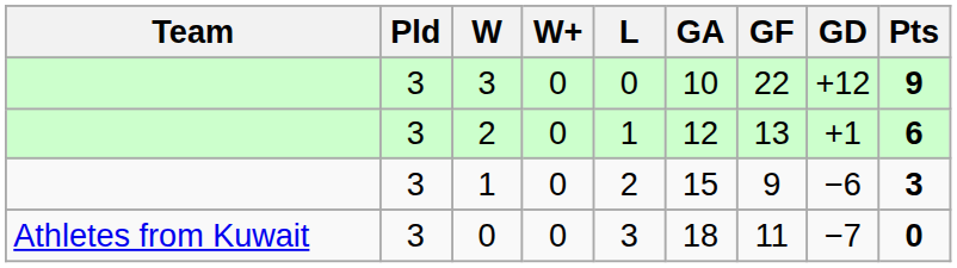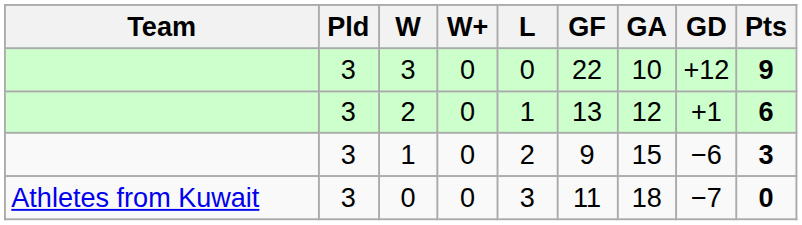 <table class="wikitable" style="text-align: center; font-size:90% ">
 <tr>
 <th width=160>Team</th>
 <th width=25>Pld</th>
 <th width=25>W</th>
 <th width=25>W+</th>
 <th width=25>L</th>
+<th width=25>GF</th>
 <th width=25>GA</th>
-<th width=25>GF</th>
 <th width=25>GD</th>
 <th width=25>Pts</th>
 </tr>
 <tr bgcolor=ccffcc>
 <td align=left></td>
 <td>3</td>
 <td>3</td>
 <td>0</td>
 <td>0</td>
+<td>22</td>
 <td>10</td>
-<td>22</td>
 <td>+12</td>
 <td><strong>9</strong></td>
 </tr>
 <tr bgcolor=ccffcc>
 <td align=left></td>
 <td>3</td>
 <td>2</td>
 <td>0</td>
 <td>1</td>
+<td>13</td>
 <td>12</td>
-<td>13</td>
 <td>+1</td>
 <td><strong>6</strong></td>
 </tr>
 <tr>
 <td align=left></td>
 <td>3</td>
 <td>1</td>
 <td>0</td>
 <td>2</td>
+<td>9</td>
 <td>15</td>
-<td>9</td>
 <td>−6</td>
 <td><strong>3</strong></td>
 </tr>
 <tr>
 <td align=left> <a href='#'>Athletes from Kuwait</a></td>
 <td>3</td>
 <td>0</td>
 <td>0</td>
 <td>3</td>
+<td>11</td>
 <td>18</td>
-<td>11</td>
 <td>−7</td>
 <td><strong>0</strong></td>
 </tr>
 </table>
